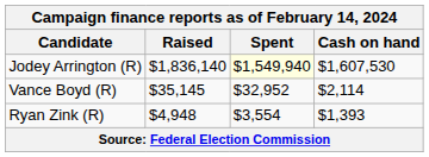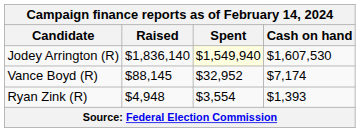 <table class="wikitable sortable">
 <tr>
 <th colspan=4>Campaign finance reports as of February 14, 2024</th>
 </tr>
 <tr style="text-align:center;">
 <th>Candidate</th>
 <th>Raised</th>
 <th>Spent</th>
 <th>Cash on hand</th>
 </tr>
 <tr>
 <td style="background-color:">Jodey Arrington (R)</td>
 <td>$1,836,140</td>
 <td style="background: lightyellow;">$1,549,940</td>
 <td>$1,607,530</td>
 </tr>
 <tr>
 <td style="background-color:">Vance Boyd (R)</td>
-<td>$35,145</td>
+<td>$88,145</td>
 <td>$32,952</td>
-<td>$2,114</td>
+<td>$7,174</td>
 </tr>
 <tr>
 <td style="background-color:">Ryan Zink (R)</td>
 <td>$4,948</td>
 <td>$3,554</td>
 <td>$1,393</td>
 </tr>
 <tr>
 <th colspan="4"><small>Source: <a href='#'>Federal Election Commission</a></small></th>
 </tr>
 </table>
